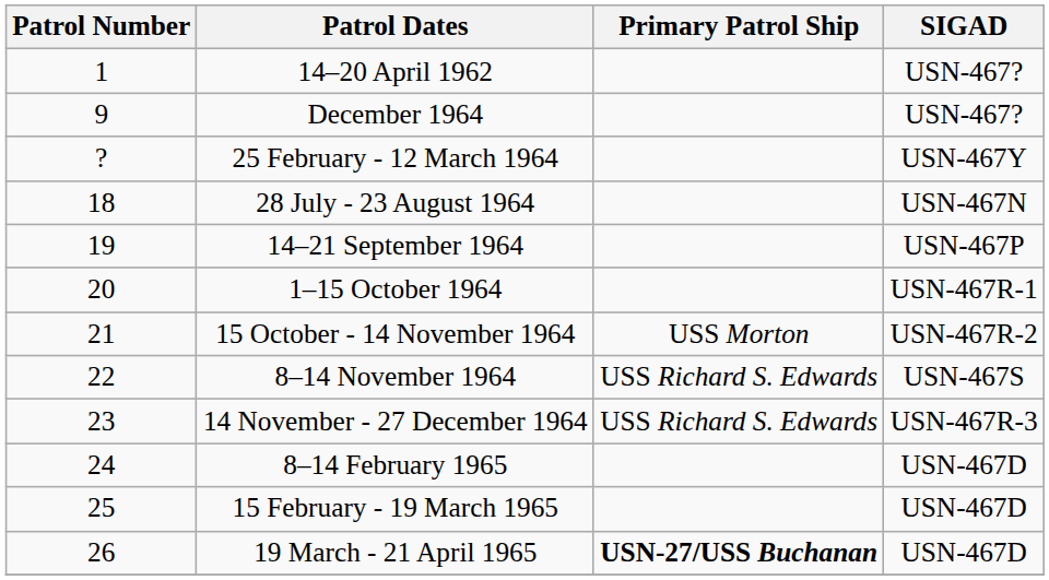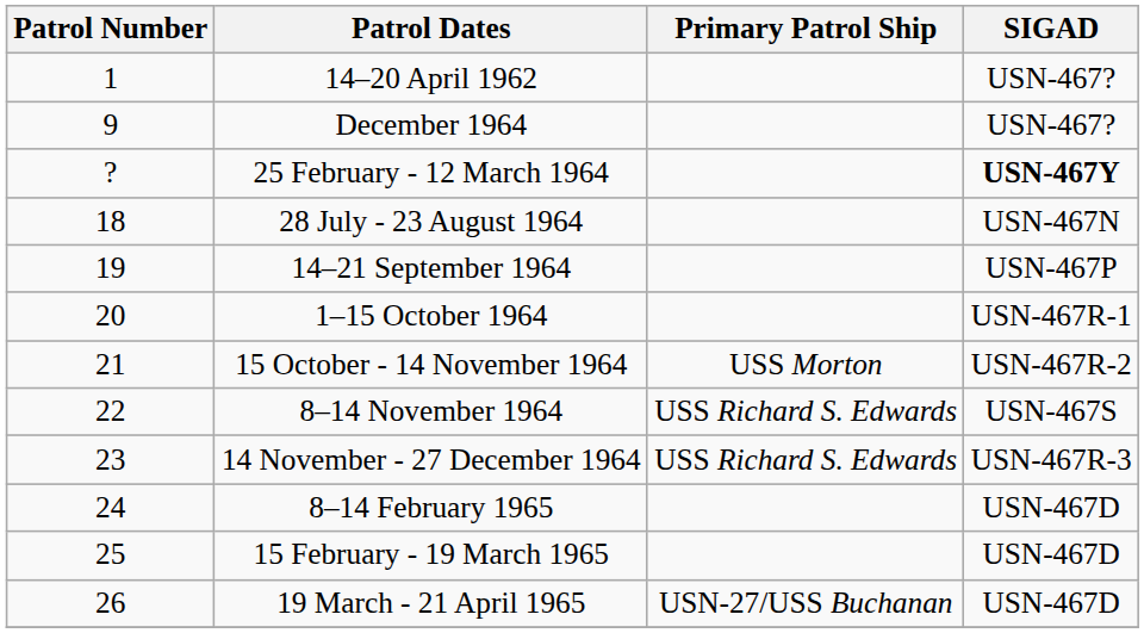 <table class="wikitable" style="margin: 1em auto 0em auto; text-align:center">
 <tr>
 <th>Patrol Number</th>
 <th>Patrol Dates</th>
 <th>Primary Patrol Ship</th>
 <th>SIGAD</th>
 </tr>
 <tr>
 <td>1</td>
 <td>14–20 April 1962</td>
 <td></td>
 <td>USN-467?</td>
 </tr>
 <tr>
 <td>9</td>
 <td>December 1964</td>
 <td></td>
 <td>USN-467?</td>
 </tr>
 <tr>
 <td>?</td>
 <td>25 February - 12 March 1964</td>
 <td></td>
-<td>USN-467Y</td>
+<td><strong>USN-467Y</strong></td>
 </tr>
 <tr>
 <td>18</td>
 <td>28 July - 23 August 1964</td>
 <td></td>
 <td>USN-467N</td>
 </tr>
 <tr>
 <td>19</td>
 <td>14–21 September 1964</td>
 <td></td>
 <td>USN-467P</td>
 </tr>
 <tr>
 <td>20</td>
 <td>1–15 October 1964</td>
 <td></td>
 <td>USN-467R-1</td>
 </tr>
 <tr>
 <td>21</td>
 <td>15 October - 14 November 1964</td>
 <td>USS <em>Morton</em></td>
 <td>USN-467R-2</td>
 </tr>
 <tr>
 <td>22</td>
 <td>8–14 November 1964</td>
 <td>USS <em>Richard S. Edwards</em></td>
 <td>USN-467S</td>
 </tr>
 <tr>
 <td>23</td>
 <td>14 November - 27 December 1964</td>
 <td>USS <em>Richard S. Edwards</em></td>
 <td>USN-467R-3</td>
 </tr>
 <tr>
 <td>24</td>
 <td>8–14 February 1965</td>
 <td></td>
 <td>USN-467D</td>
 </tr>
 <tr>
 <td>25</td>
 <td>15 February - 19 March 1965</td>
 <td></td>
 <td>USN-467D</td>
 </tr>
 <tr>
 <td>26</td>
 <td>19 March - 21 April 1965</td>
-<td><strong>USN-27/USS <em>Buchanan</em></strong></td>
+<td>USN-27/USS <em>Buchanan</em></td>
 <td>USN-467D</td>
 </tr>
 <tr>
 </tr>
 </table>
